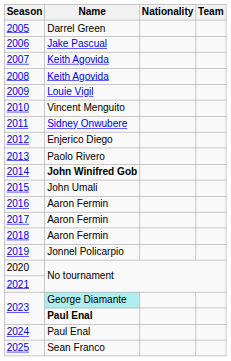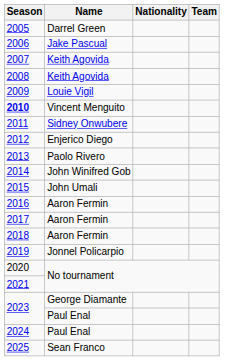 <table class="wikitable">
 <tr>
 <th>Season</th>
 <th>Name</th>
 <th>Nationality</th>
 <th>Team</th>
 </tr>
 <tr>
 <td><a href='#'>2005</a></td>
 <td>Darrel Green</td>
 <td></td>
 <td></td>
 </tr>
 <tr>
 <td><a href='#'>2006</a></td>
 <td><a href='#'>Jake Pascual</a></td>
 <td></td>
 <td></td>
 </tr>
 <tr>
 <td><a href='#'>2007</a></td>
 <td><a href='#'>Keith Agovida</a></td>
 <td></td>
 <td></td>
 </tr>
 <tr>
 <td><a href='#'>2008</a></td>
 <td><a href='#'>Keith Agovida</a></td>
 <td></td>
 <td></td>
 </tr>
 <tr>
 <td><a href='#'>2009</a></td>
 <td><a href='#'>Louie Vigil</a></td>
 <td></td>
 <td></td>
 </tr>
 <tr>
-<td><a href='#'>2010</a></td>
+<td><strong><a href='#'>2010</a></strong></td>
 <td>Vincent Menguito</td>
 <td></td>
 <td></td>
 </tr>
 <tr>
 <td><a href='#'>2011</a></td>
 <td><a href='#'>Sidney Onwubere</a></td>
 <td></td>
 <td></td>
 </tr>
 <tr>
 <td><a href='#'>2012</a></td>
 <td>Enjerico Diego</td>
 <td></td>
 <td></td>
 </tr>
 <tr>
 <td><a href='#'>2013</a></td>
 <td>Paolo Rivero</td>
 <td></td>
 <td></td>
 </tr>
 <tr>
 <td><a href='#'>2014</a></td>
-<td><strong>John Winifred Gob</strong></td>
+<td>John Winifred Gob</td>
 <td></td>
 <td></td>
 </tr>
 <tr>
 <td><a href='#'>2015</a></td>
 <td>John Umali</td>
 <td></td>
 <td></td>
 </tr>
 <tr>
 <td><a href='#'>2016</a></td>
 <td>Aaron Fermin</td>
 <td></td>
 <td></td>
 </tr>
 <tr>
 <td><a href='#'>2017</a></td>
 <td>Aaron Fermin</td>
 <td></td>
 <td></td>
 </tr>
 <tr>
 <td><a href='#'>2018</a></td>
 <td>Aaron Fermin</td>
 <td></td>
 <td></td>
 </tr>
 <tr>
 <td><a href='#'>2019</a></td>
 <td>Jonnel Policarpio</td>
 <td></td>
 <td></td>
 </tr>
 <tr>
 <td>2020</td>
 <td colspan="3" rowspan="2">No tournament</td>
 </tr>
 <tr>
 <td><a href='#'>2021</a></td>
 </tr>
 <tr>
 <td rowspan="2"><a href='#'>2023</a></td>
-<td style="background: paleturquoise;">George Diamante</td>
+<td>George Diamante</td>
 <td></td>
 <td></td>
 </tr>
 <tr>
-<td><strong>Paul Enal</strong></td>
+<td>Paul Enal</td>
 <td></td>
 <td></td>
 </tr>
 <tr>
 <td><a href='#'>2024</a></td>
 <td>Paul Enal</td>
 <td></td>
 <td></td>
 </tr>
 <tr>
 <td><a href='#'>2025</a></td>
 <td>Sean Franco</td>
 <td></td>
 <td></td>
 </tr>
 </table>
